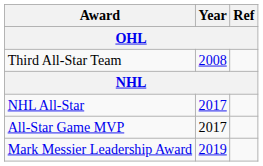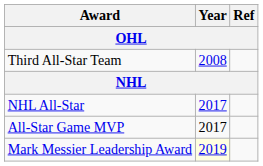 <table class="wikitable">
 <tr>
 <th>Award</th>
 <th>Year</th>
 <th>Ref</th>
 </tr>
 <tr>
 <th colspan="3"><a href='#'>OHL</a></th>
 </tr>
 <tr>
 <td>Third All-Star Team</td>
 <td><a href='#'>2008</a></td>
 <td></td>
 </tr>
 <tr>
 <th colspan="3"><a href='#'>NHL</a></th>
 </tr>
 <tr>
 <td><a href='#'>NHL All-Star</a></td>
 <td><a href='#'>2017</a></td>
 <td></td>
 </tr>
 <tr>
 <td><a href='#'>All-Star Game MVP</a></td>
 <td>2017</td>
 <td></td>
 </tr>
 <tr>
 <td><a href='#'>Mark Messier Leadership Award</a></td>
-<td><a href='#'>2019</a></td>
+<td style="background: lightyellow;"><a href='#'>2019</a></td>
 <td></td>
 </tr>
 </table>
